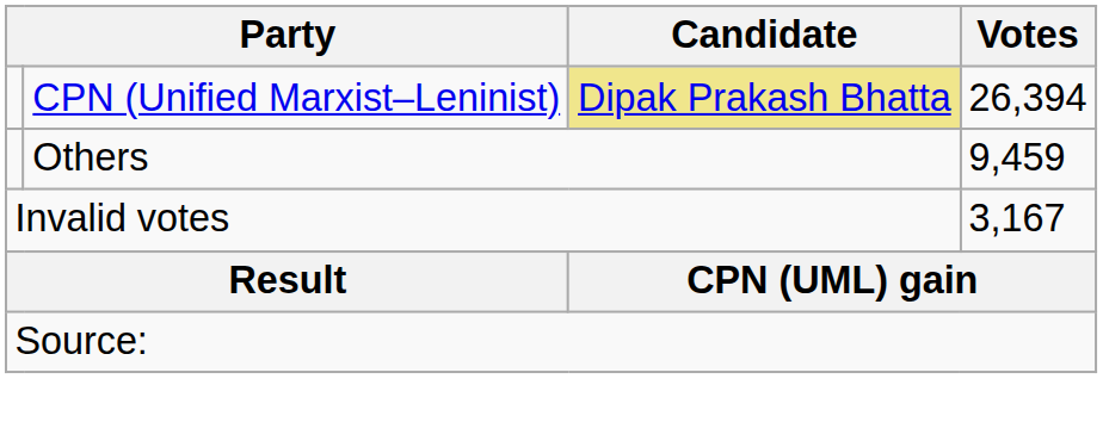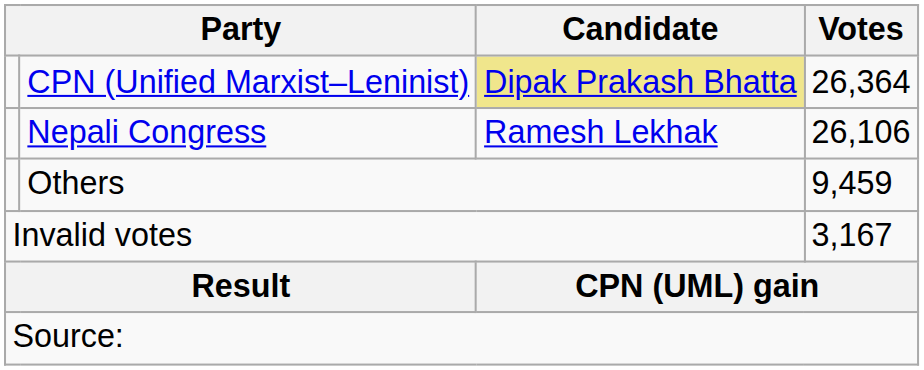 <table class="wikitable">
 <tr>
 <th colspan="2">Party</th>
 <th>Candidate</th>
 <th>Votes</th>
 </tr>
 <tr>
 <td style="background-color:"></td>
 <td><a href='#'>CPN (Unified Marxist–Leninist)</a></td>
 <td style="background: khaki;"><a href='#'>Dipak Prakash Bhatta</a></td>
-<td>26,394</td>
+<td>26,364</td>
+</tr>
+<tr>
+<td style="background-color:"></td>
+<td><a href='#'>Nepali Congress</a></td>
+<td><a href='#'>Ramesh Lekhak</a></td>
+<td>26,106</td>
 </tr>
 <tr>
 <td></td>
 <td colspan="2">Others</td>
 <td>9,459</td>
 </tr>
 <tr>
 <td colspan="3">Invalid votes</td>
 <td>3,167</td>
 </tr>
 <tr>
 <th colspan="2">Result</th>
 <th colspan="2">CPN (UML) gain</th>
 </tr>
 <tr>
 <td colspan="4">Source: </td>
 </tr>
 </table>
